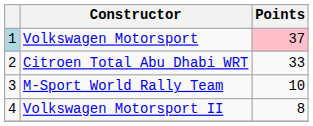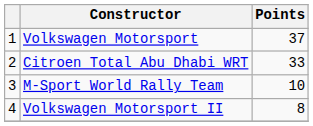 <table class="wikitable" style="font-size: 90%;">
 <tr>
 <th></th>
 <th>Constructor</th>
 <th>Points</th>
 </tr>
 <tr>
-<td align="center" style="background: lightblue;">1</td>
+<td align="center">1</td>
 <td> <a href='#'>Volkswagen Motorsport</a></td>
-<td align="right" style="background: pink;">37</td>
+<td align="right">37</td>
 </tr>
 <tr>
 <td align="center">2</td>
 <td> <a href='#'>Citroen Total Abu Dhabi WRT</a></td>
 <td align="right">33</td>
 </tr>
 <tr>
 <td align="center">3</td>
 <td> <a href='#'>M-Sport World Rally Team</a></td>
 <td align="right">10</td>
 </tr>
 <tr>
 <td align="center">4</td>
 <td> <a href='#'>Volkswagen Motorsport II</a></td>
 <td align="right">8</td>
 </tr>
 <tr>
 </tr>
 </table>
